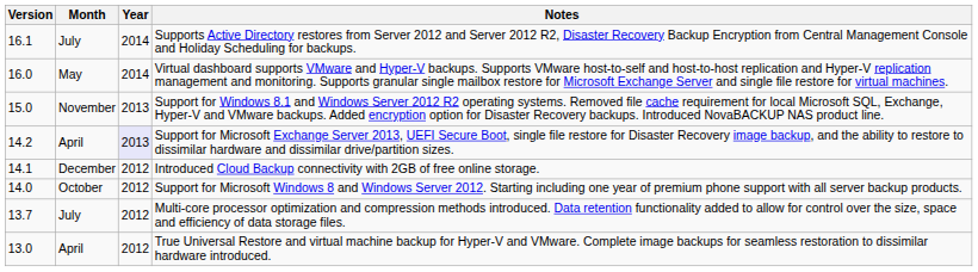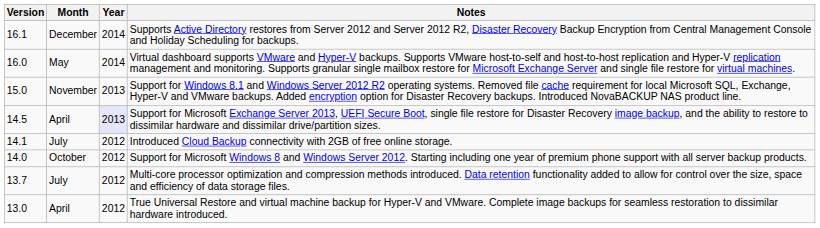 <table class="wikitable sortable">
 <tr>
 <th>Version</th>
 <th>Month</th>
 <th>Year</th>
 <th>Notes</th>
 </tr>
 <tr>
 <td>16.1</td>
-<td>July</td>
+<td>December</td>
 <td>2014</td>
 <td>Supports <a href='#'>Active Directory</a> restores from Server 2012 and Server 2012 R2, <a href='#'>Disaster Recovery</a> Backup Encryption from Central Management Console and Holiday Scheduling for backups.</td>
 </tr>
 <tr>
 <td>16.0</td>
 <td>May</td>
 <td>2014</td>
 <td>Virtual dashboard supports <a href='#'>VMware</a> and <a href='#'>Hyper-V</a> backups. Supports VMware host-to-self and host-to-host replication and Hyper-V <a href='#'>replication</a> management and monitoring. Supports granular single mailbox restore for <a href='#'>Microsoft Exchange Server</a> and single file restore for <a href='#'>virtual machines</a>.</td>
 </tr>
 <tr>
 <td>15.0</td>
 <td>November</td>
 <td>2013</td>
 <td>Support for <a href='#'>Windows 8.1</a> and <a href='#'>Windows Server 2012 R2</a> operating systems. Removed file <a href='#'>cache</a> requirement for local Microsoft SQL, Exchange, Hyper-V and VMware backups. Added <a href='#'>encryption</a> option for Disaster Recovery backups. Introduced NovaBACKUP NAS product line.</td>
 </tr>
 <tr>
-<td>14.2</td>
+<td>14.5</td>
 <td>April</td>
 <td style="background: lavender;">2013</td>
 <td>Support for Microsoft <a href='#'>Exchange Server 2013</a>, <a href='#'>UEFI Secure Boot</a>, single file restore for Disaster Recovery <a href='#'>image backup</a>, and the ability to restore to dissimilar hardware and dissimilar drive/partition sizes.</td>
 </tr>
 <tr>
 <td>14.1</td>
-<td>December</td>
+<td>July</td>
 <td>2012</td>
 <td>Introduced <a href='#'>Cloud Backup</a> connectivity with 2GB of free online storage.</td>
 </tr>
 <tr>
 <td>14.0</td>
 <td>October</td>
 <td>2012</td>
 <td>Support for Microsoft <a href='#'>Windows 8</a> and <a href='#'>Windows Server 2012</a>. Starting including one year of premium phone support with all server backup products.</td>
 </tr>
 <tr>
 <td>13.7</td>
 <td>July</td>
 <td>2012</td>
 <td>Multi-core processor optimization and compression methods introduced. <a href='#'>Data retention</a> functionality added to allow for control over the size, space and efficiency of data storage files.</td>
 </tr>
 <tr>
 <td>13.0</td>
 <td>April</td>
 <td>2012</td>
 <td>True Universal Restore and virtual machine backup for Hyper-V and VMware. Complete image backups for seamless restoration to dissimilar hardware introduced.</td>
 </tr>
 </table>
